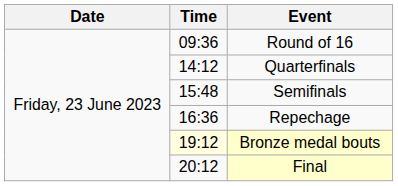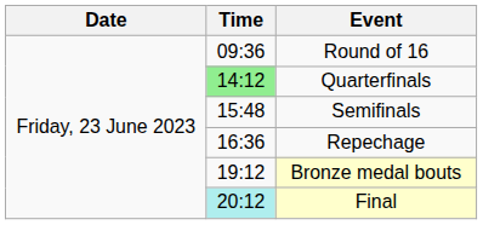 <table class = "wikitable" style="text-align:center;">
 <tr>
 <th width=160>Date</th>
 <th width=50>Time</th>
 <th width=160>Event</th>
 </tr>
 <tr>
 <td rowspan=6>Friday, 23 June 2023</td>
 <td>09:36</td>
 <td>Round of 16</td>
 </tr>
 <tr>
-<td>14:12</td>
+<td style="background: lightgreen;">14:12</td>
 <td>Quarterfinals</td>
 </tr>
 <tr>
 <td>15:48</td>
 <td>Semifinals</td>
 </tr>
 <tr>
 <td>16:36</td>
 <td>Repechage</td>
 </tr>
 <tr>
-<td style="background: lightyellow;">19:12</td>
+<td>19:12</td>
 <td bgcolor=ffffcc>Bronze medal bouts</td>
 </tr>
 <tr>
-<td>20:12</td>
+<td style="background: paleturquoise;">20:12</td>
 <td bgcolor=ffffcc>Final</td>
 </tr>
 </table>
